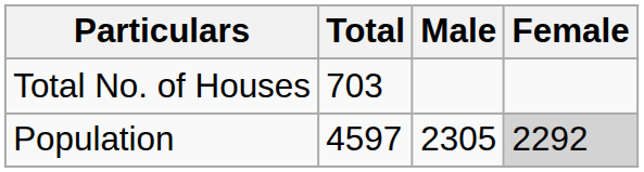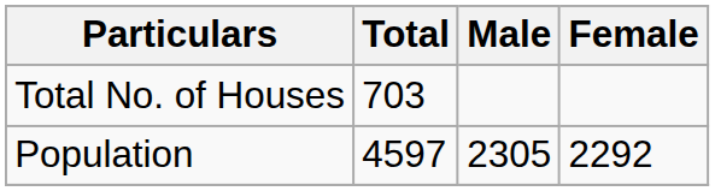 <table class="wikitable sortable">
 <tr>
 <th>Particulars</th>
 <th>Total</th>
 <th>Male</th>
 <th>Female</th>
 </tr>
 <tr>
 <td>Total No. of Houses</td>
 <td>703</td>
 <td></td>
 <td></td>
 </tr>
 <tr>
 <td>Population</td>
 <td>4597</td>
 <td>2305</td>
-<td style="background: lightgrey;">2292</td>
+<td>2292</td>
 </tr>
 <tr>
 </tr>
 </table>
